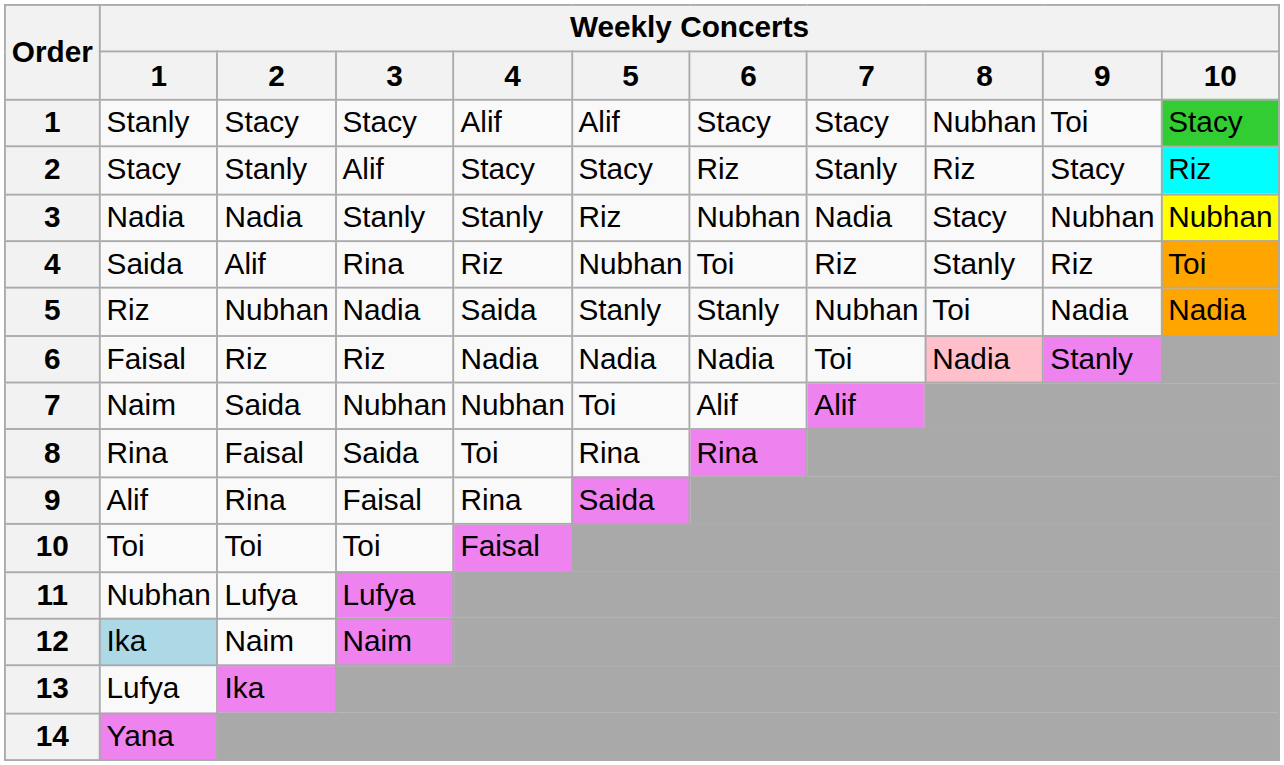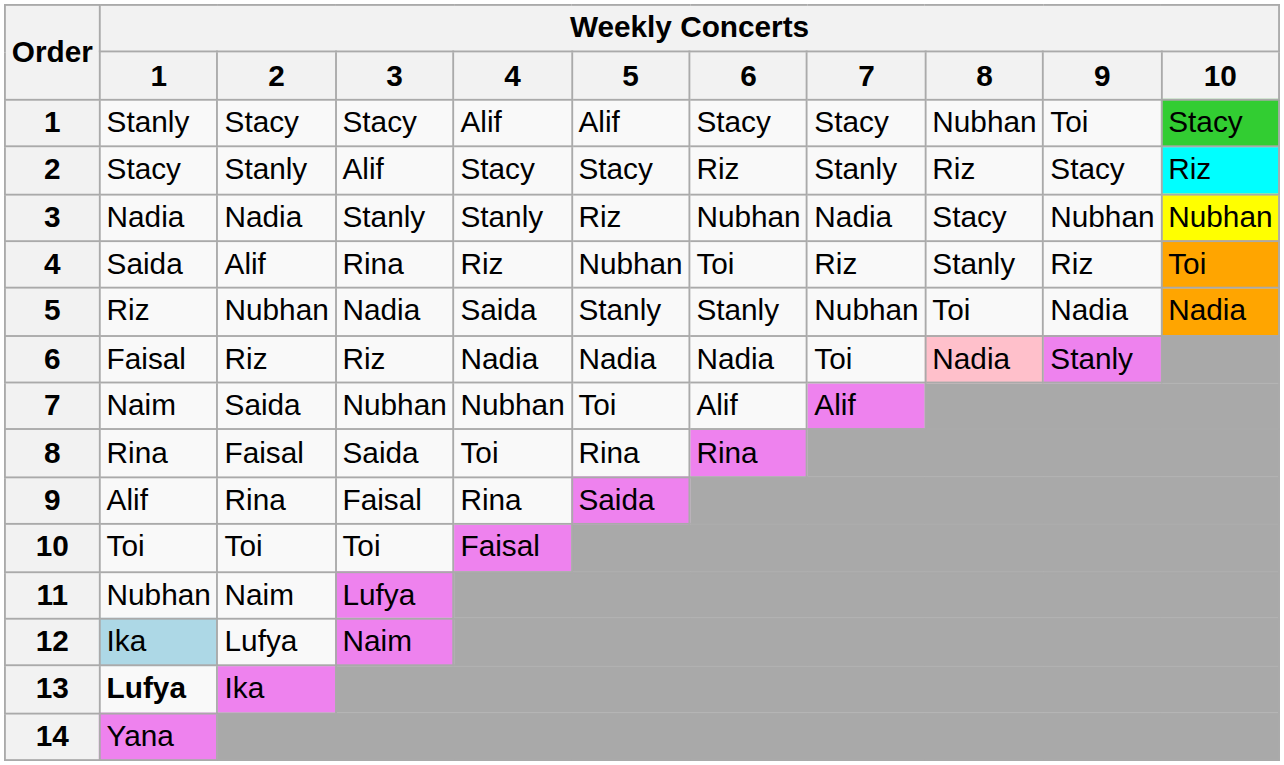 <table class="wikitable">
 <tr>
 <th rowspan=2>Order</th>
 <th colspan=14>Weekly Concerts</th>
 </tr>
 <tr>
 <th width="50">1</th>
 <th width="50">2</th>
 <th width="50">3</th>
 <th width="50">4</th>
 <th width="50">5</th>
 <th width="50">6</th>
 <th width="50">7</th>
 <th width="50">8</th>
 <th width="50">9</th>
 <th width="50">10</th>
 </tr>
 <tr>
 <th>1</th>
 <td>Stanly</td>
 <td>Stacy</td>
 <td>Stacy</td>
 <td>Alif</td>
 <td>Alif</td>
 <td>Stacy</td>
 <td>Stacy</td>
 <td>Nubhan</td>
 <td>Toi</td>
 <td bgcolor="limegreen">Stacy</td>
 </tr>
 <tr>
 <th>2</th>
 <td>Stacy</td>
 <td>Stanly</td>
 <td>Alif</td>
 <td>Stacy</td>
 <td>Stacy</td>
 <td>Riz</td>
 <td>Stanly</td>
 <td>Riz</td>
 <td>Stacy</td>
 <td bgcolor="cyan">Riz</td>
 </tr>
 <tr>
 <th>3</th>
 <td>Nadia</td>
 <td>Nadia</td>
 <td>Stanly</td>
 <td>Stanly</td>
 <td>Riz</td>
 <td>Nubhan</td>
 <td>Nadia</td>
 <td>Stacy</td>
 <td>Nubhan</td>
 <td bgcolor="yellow">Nubhan</td>
 </tr>
 <tr>
 <th>4</th>
 <td>Saida</td>
 <td>Alif</td>
 <td>Rina</td>
 <td>Riz</td>
 <td>Nubhan</td>
 <td>Toi</td>
 <td>Riz</td>
 <td>Stanly</td>
 <td>Riz</td>
 <td bgcolor="orange">Toi</td>
 </tr>
 <tr>
 <th>5</th>
 <td>Riz</td>
 <td>Nubhan</td>
 <td>Nadia</td>
 <td>Saida</td>
 <td>Stanly</td>
 <td>Stanly</td>
 <td>Nubhan</td>
 <td>Toi</td>
 <td>Nadia</td>
 <td bgcolor="orange">Nadia</td>
 </tr>
 <tr>
 <th>6</th>
 <td>Faisal</td>
 <td>Riz</td>
 <td>Riz</td>
 <td>Nadia</td>
 <td>Nadia</td>
 <td>Nadia</td>
 <td>Toi</td>
 <td bgcolor="pink">Nadia</td>
 <td bgcolor="violet">Stanly</td>
 <td bgcolor="darkgray" colspan=5></td>
 </tr>
 <tr>
 <th>7</th>
 <td>Naim</td>
 <td>Saida</td>
 <td>Nubhan</td>
 <td>Nubhan</td>
 <td>Toi</td>
 <td>Alif</td>
 <td bgcolor="violet">Alif</td>
 <td bgcolor="darkgray" colspan=5></td>
 </tr>
 <tr>
 <th>8</th>
 <td>Rina</td>
 <td>Faisal</td>
 <td>Saida</td>
 <td>Toi</td>
 <td>Rina</td>
 <td bgcolor="violet">Rina</td>
 <td bgcolor="darkgray" colspan=6></td>
 </tr>
 <tr>
 <th>9</th>
 <td>Alif</td>
 <td>Rina</td>
 <td>Faisal</td>
 <td>Rina</td>
 <td bgcolor="violet">Saida</td>
 <td bgcolor="darkgray" colspan=7></td>
 </tr>
 <tr>
 <th>10</th>
 <td>Toi</td>
 <td>Toi</td>
 <td>Toi</td>
 <td bgcolor="violet">Faisal</td>
 <td bgcolor="darkgray" colspan=8></td>
 </tr>
 <tr>
 <th>11</th>
 <td>Nubhan</td>
-<td>Lufya</td>
+<td>Naim</td>
 <td bgcolor="violet">Lufya</td>
 <td bgcolor="darkgray" colspan=9></td>
 </tr>
 <tr>
 <th>12</th>
 <td style="background: lightblue;">Ika</td>
-<td>Naim</td>
+<td>Lufya</td>
 <td bgcolor="violet">Naim</td>
 <td bgcolor="darkgray" colspan=10></td>
 </tr>
 <tr>
 <th>13</th>
-<td>Lufya</td>
+<td><strong>Lufya</strong></td>
 <td bgcolor="violet">Ika</td>
 <td bgcolor="darkgray" colspan=10></td>
 </tr>
 <tr>
 <th>14</th>
 <td bgcolor="violet">Yana</td>
 <td bgcolor="darkgray" colspan=10></td>
 </tr>
 </table>
